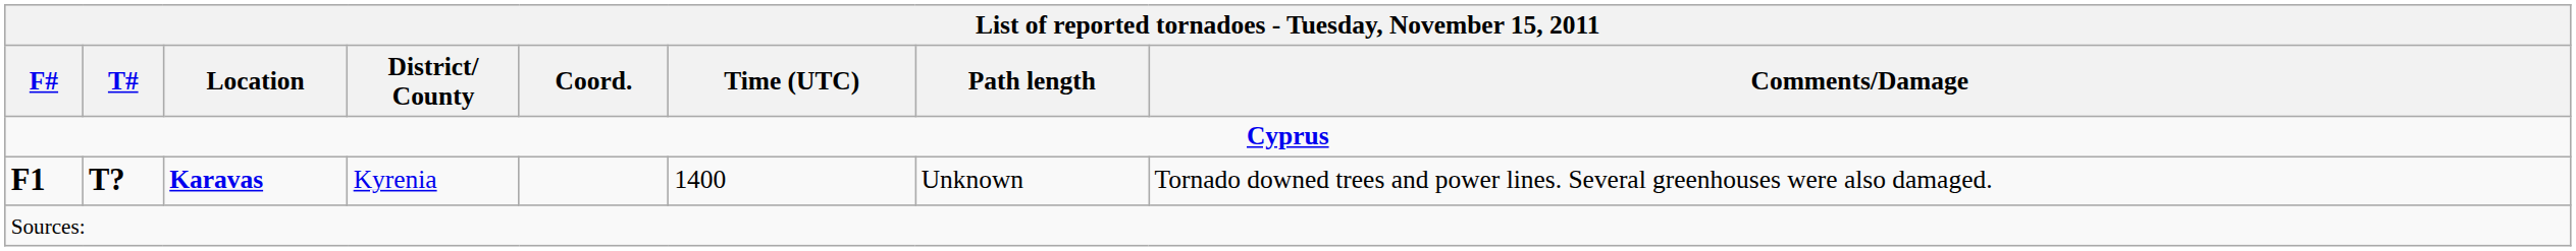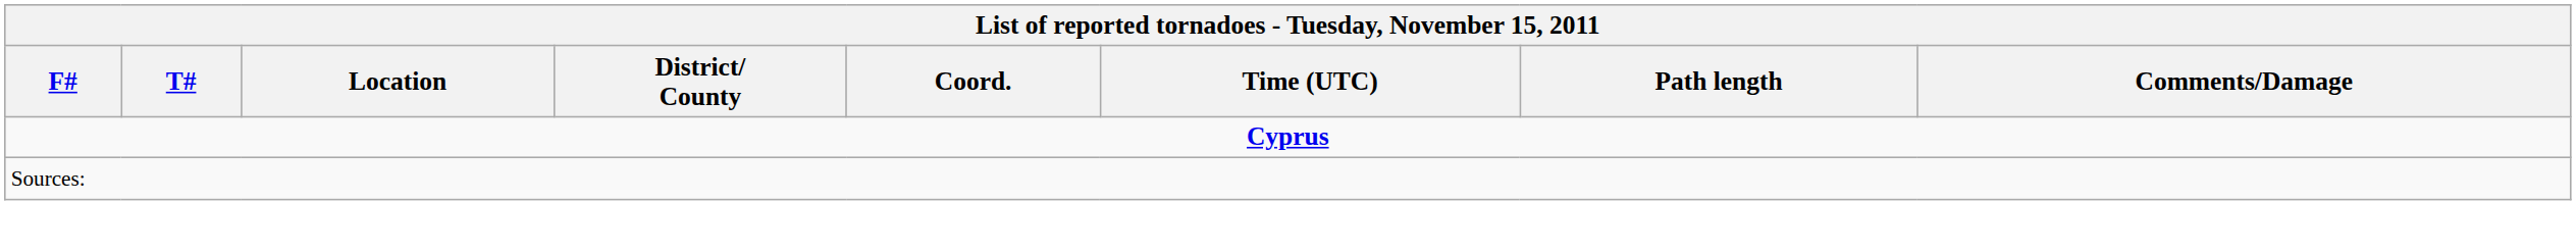 <table class="wikitable collapsible" width="100%">
 <tr>
 <th colspan="8">List of reported tornadoes - Tuesday, November 15, 2011</th>
 </tr>
 <tr>
 <th><a href='#'>F#</a></th>
 <th><a href='#'>T#</a></th>
 <th>Location</th>
 <th>District/<br>County</th>
 <th>Coord.</th>
 <th>Time (UTC)</th>
 <th>Path length</th>
 <th>Comments/Damage</th>
 </tr>
 <tr>
 <td colspan="8" align=center><strong><a href='#'>Cyprus</a></strong></td>
 </tr>
 <tr>
-<td><big><strong>F1</strong></big></td>
-<td><big><strong>T?</strong></big></td>
-<td><strong><a href='#'>Karavas</a></strong></td>
-<td><a href='#'>Kyrenia</a></td>
-<td></td>
-<td>1400</td>
-<td>Unknown</td>
-<td>Tornado downed trees and power lines. Several greenhouses were also damaged.</td>
-</tr>
-<tr>
 <td colspan="8"><small>Sources:  </small></td>
 </tr>
 </table>
